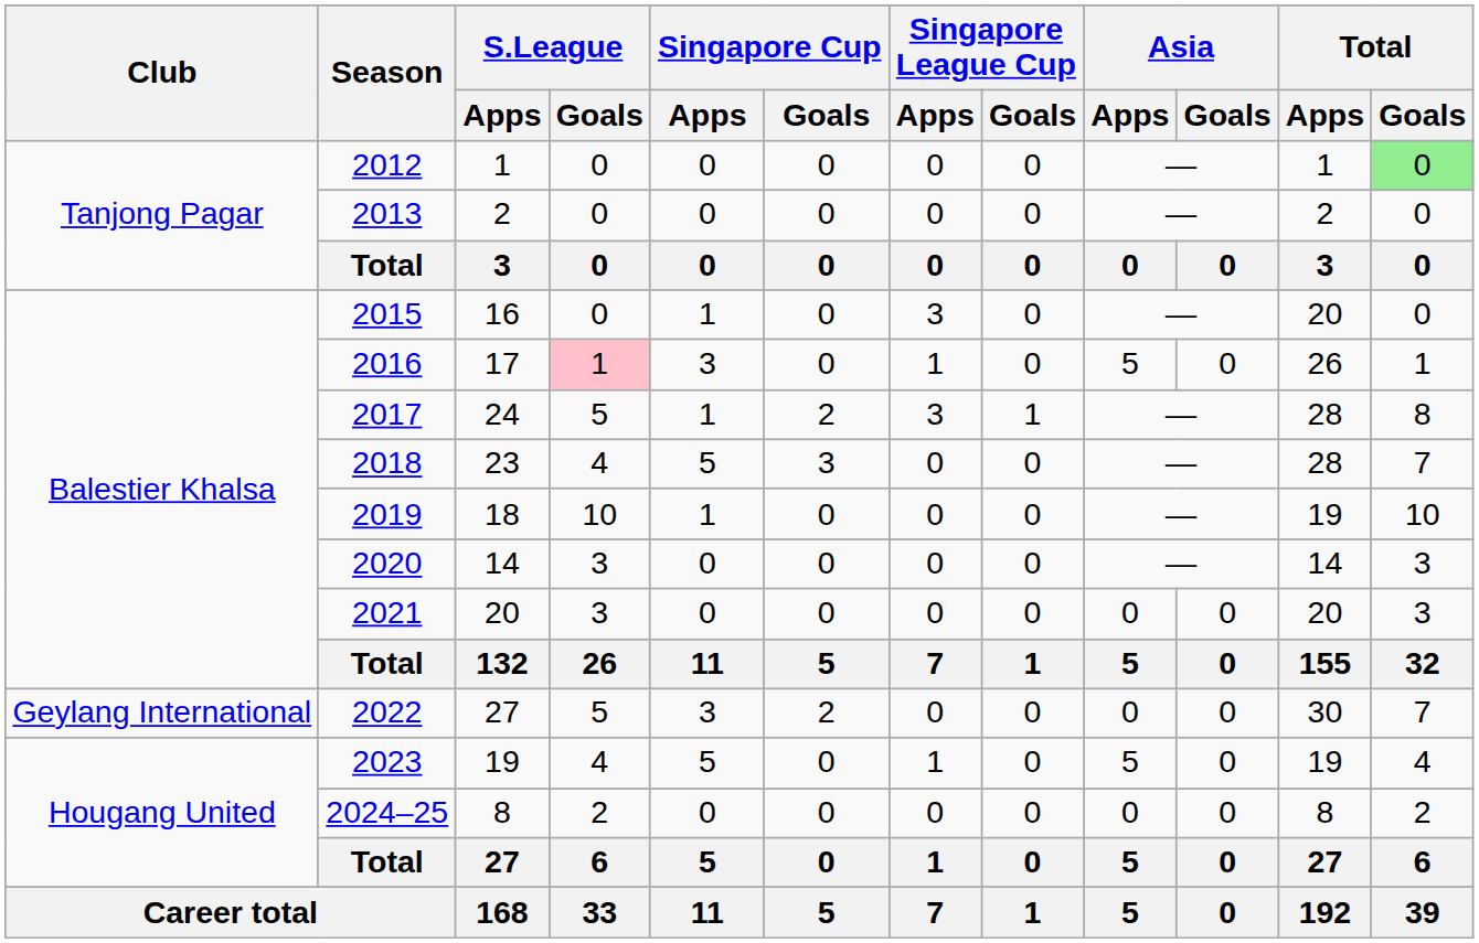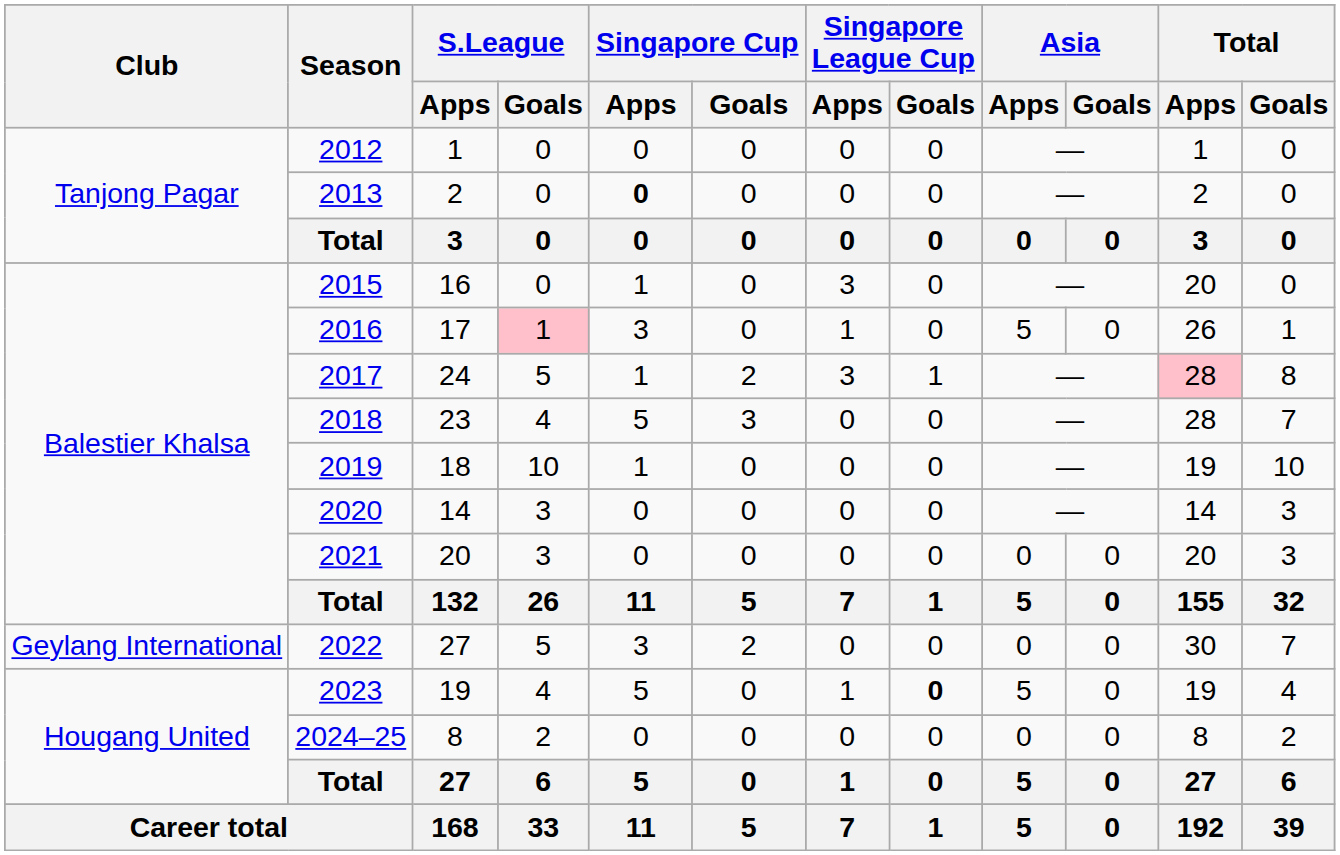 <table class="wikitable" style="text-align:center">
 <tr>
 <th rowspan="2">Club</th>
 <th rowspan="2">Season</th>
 <th colspan="2"><a href='#'>S.League</a></th>
 <th colspan="2"><a href='#'>Singapore Cup</a></th>
 <th colspan="2"><a href='#'>Singapore<br>League Cup</a></th>
 <th colspan="2"><a href='#'>Asia</a></th>
 <th colspan="2">Total</th>
 </tr>
 <tr>
 <th>Apps</th>
 <th>Goals</th>
 <th>Apps</th>
 <th>Goals</th>
 <th>Apps</th>
 <th>Goals</th>
 <th>Apps</th>
 <th>Goals</th>
 <th>Apps</th>
 <th>Goals</th>
 </tr>
 <tr>
 <td rowspan="3"><a href='#'>Tanjong Pagar</a></td>
 <td><a href='#'>2012</a></td>
 <td>1</td>
 <td>0</td>
 <td>0</td>
 <td>0</td>
 <td>0</td>
 <td>0</td>
 <td colspan='2'>—</td>
 <td>1</td>
-<td style="background: lightgreen;">0</td>
+<td>0</td>
 </tr>
 <tr>
 <td><a href='#'>2013</a></td>
 <td>2</td>
 <td>0</td>
-<td>0</td>
+<td><strong>0</strong></td>
 <td>0</td>
 <td>0</td>
 <td>0</td>
 <td colspan='2'>—</td>
 <td>2</td>
 <td>0</td>
 </tr>
 <tr>
 <th>Total</th>
 <th>3</th>
 <th>0</th>
 <th>0</th>
 <th>0</th>
 <th>0</th>
 <th>0</th>
 <th>0</th>
 <th>0</th>
 <th>3</th>
 <th>0</th>
 </tr>
 <tr>
 <td rowspan="8"><a href='#'>Balestier Khalsa</a></td>
 <td><a href='#'>2015</a></td>
 <td>16</td>
 <td>0</td>
 <td>1</td>
 <td>0</td>
 <td>3</td>
 <td>0</td>
 <td colspan='2'>—</td>
 <td>20</td>
 <td>0</td>
 </tr>
 <tr>
 <td><a href='#'>2016</a></td>
 <td>17</td>
 <td style="background: pink;">1</td>
 <td>3</td>
 <td>0</td>
 <td>1</td>
 <td>0</td>
 <td>5</td>
 <td>0</td>
 <td>26</td>
 <td>1</td>
 </tr>
 <tr>
 <td><a href='#'>2017</a></td>
 <td>24</td>
 <td>5</td>
 <td>1</td>
 <td>2</td>
 <td>3</td>
 <td>1</td>
 <td colspan='2'>—</td>
-<td>28</td>
+<td style="background: pink;">28</td>
 <td>8</td>
 </tr>
 <tr>
 <td><a href='#'>2018</a></td>
 <td>23</td>
 <td>4</td>
 <td>5</td>
 <td>3</td>
 <td>0</td>
 <td>0</td>
 <td colspan='2'>—</td>
 <td>28</td>
 <td>7</td>
 </tr>
 <tr>
 <td><a href='#'>2019</a></td>
 <td>18</td>
 <td>10</td>
 <td>1</td>
 <td>0</td>
 <td>0</td>
 <td>0</td>
 <td colspan='2'>—</td>
 <td>19</td>
 <td>10</td>
 </tr>
 <tr>
 <td><a href='#'>2020</a></td>
 <td>14</td>
 <td>3</td>
 <td>0</td>
 <td>0</td>
 <td>0</td>
 <td>0</td>
 <td colspan='2'>—</td>
 <td>14</td>
 <td>3</td>
 </tr>
 <tr>
 <td><a href='#'>2021</a></td>
 <td>20</td>
 <td>3</td>
 <td>0</td>
 <td>0</td>
 <td>0</td>
 <td>0</td>
 <td>0</td>
 <td>0</td>
 <td>20</td>
 <td>3</td>
 </tr>
 <tr>
 <th>Total</th>
 <th>132</th>
 <th>26</th>
 <th>11</th>
 <th>5</th>
 <th>7</th>
 <th>1</th>
 <th>5</th>
 <th>0</th>
 <th>155</th>
 <th>32</th>
 </tr>
 <tr>
 <td><a href='#'>Geylang International</a></td>
 <td><a href='#'>2022</a></td>
 <td>27</td>
 <td>5</td>
 <td>3</td>
 <td>2</td>
 <td>0</td>
 <td>0</td>
 <td>0</td>
 <td>0</td>
 <td>30</td>
 <td>7</td>
 </tr>
 <tr>
 <td rowspan="3"><a href='#'>Hougang United</a></td>
 <td><a href='#'>2023</a></td>
 <td>19</td>
 <td>4</td>
 <td>5</td>
 <td>0</td>
 <td>1</td>
-<td>0</td>
+<td><strong>0</strong></td>
 <td>5</td>
 <td>0</td>
 <td>19</td>
 <td>4</td>
 </tr>
 <tr>
 <td><a href='#'>2024–25</a></td>
 <td>8</td>
 <td>2</td>
 <td>0</td>
 <td>0</td>
 <td>0</td>
 <td>0</td>
 <td>0</td>
 <td>0</td>
 <td>8</td>
 <td>2</td>
 </tr>
 <tr>
 <th>Total</th>
 <th>27</th>
 <th>6</th>
 <th>5</th>
 <th>0</th>
 <th>1</th>
 <th>0</th>
 <th>5</th>
 <th>0</th>
 <th>27</th>
 <th>6</th>
 </tr>
 <tr>
 <th colspan="2">Career total</th>
 <th>168</th>
 <th>33</th>
 <th>11</th>
 <th>5</th>
 <th>7</th>
 <th>1</th>
 <th>5</th>
 <th>0</th>
 <th>192</th>
 <th>39</th>
 </tr>
 </table>
